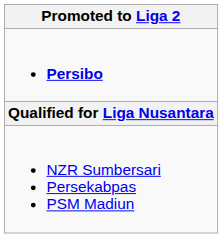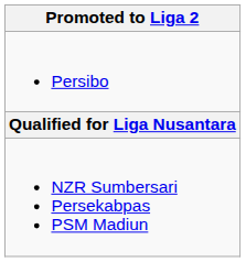 <table class="wikitable">
 <tr style="vertical-align:top">
 <th> Promoted to <a href='#'>Liga 2</a></th>
 </tr>
 <tr>
-<td><strong><br><ul><li><a href='#'>Persibo</a></li></ul></strong></td>
+<td><br><ul><li><a href='#'>Persibo</a></li></ul></td>
 </tr>
 <tr>
 <th> Qualified for <a href='#'>Liga Nusantara</a></th>
 </tr>
 <tr>
 <td><br><ul><li><a href='#'>NZR Sumbersari</a></li><li><a href='#'>Persekabpas</a></li><li><a href='#'>PSM Madiun</a></li></ul></td>
 </tr>
 </table>
